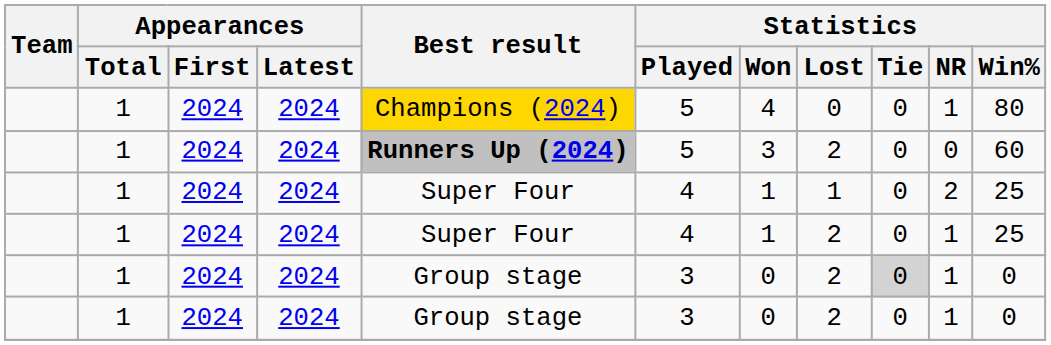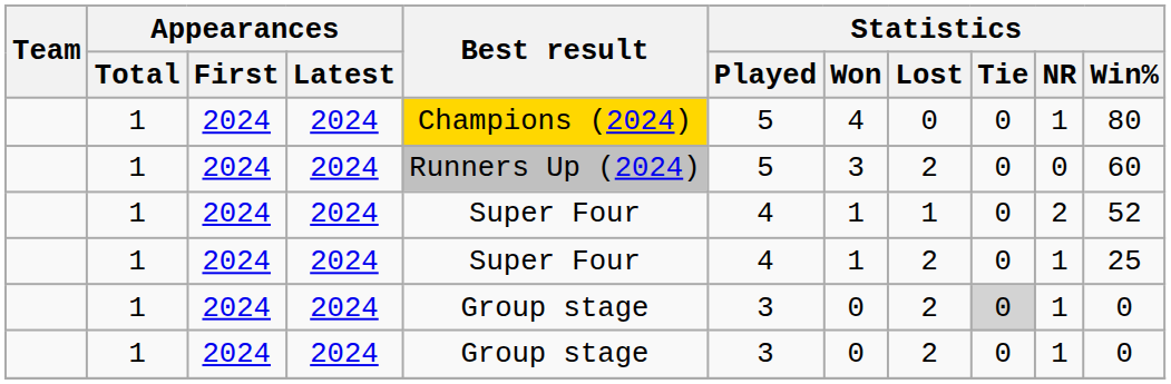 <table class="wikitable" style="text-align: center">
 <tr>
 <th rowspan="2">Team</th>
 <th colspan=3>Appearances</th>
 <th rowspan="2">Best result</th>
 <th colspan=6>Statistics</th>
 </tr>
 <tr>
 <th>Total</th>
 <th>First</th>
 <th>Latest</th>
 <th>Played</th>
 <th>Won</th>
 <th>Lost</th>
 <th>Tie</th>
 <th>NR</th>
 <th>Win%</th>
 </tr>
 <tr>
 <td style="text-align:left;"></td>
 <td>1</td>
 <td><a href='#'>2024</a></td>
 <td><a href='#'>2024</a></td>
 <td style="background:gold;">Champions (<a href='#'>2024</a>)</td>
 <td>5</td>
 <td>4</td>
 <td>0</td>
 <td>0</td>
 <td>1</td>
 <td>80</td>
 </tr>
 <tr>
 <td style="text-align:left;"></td>
 <td>1</td>
 <td><a href='#'>2024</a></td>
 <td><a href='#'>2024</a></td>
-<td style="background:silver;"><strong>Runners Up (<a href='#'>2024</a>)</strong></td>
+<td style="background:silver;">Runners Up (<a href='#'>2024</a>)</td>
 <td>5</td>
 <td>3</td>
 <td>2</td>
 <td>0</td>
 <td>0</td>
 <td>60</td>
 </tr>
 <tr>
 <td style="text-align:left;"></td>
 <td>1</td>
 <td><a href='#'>2024</a></td>
 <td><a href='#'>2024</a></td>
 <td>Super Four</td>
 <td>4</td>
 <td>1</td>
 <td>1</td>
 <td>0</td>
 <td>2</td>
-<td>25</td>
+<td>52</td>
 </tr>
 <tr>
 <td style="text-align:left;"></td>
 <td>1</td>
 <td><a href='#'>2024</a></td>
 <td><a href='#'>2024</a></td>
 <td>Super Four</td>
 <td>4</td>
 <td>1</td>
 <td>2</td>
 <td>0</td>
 <td>1</td>
 <td>25</td>
 </tr>
 <tr>
 <td style="text-align:left;"></td>
 <td>1</td>
 <td><a href='#'>2024</a></td>
 <td><a href='#'>2024</a></td>
 <td>Group stage</td>
 <td>3</td>
 <td>0</td>
 <td>2</td>
 <td style="background: lightgrey;">0</td>
 <td>1</td>
 <td>0</td>
 </tr>
 <tr>
 <td style="text-align:left;"></td>
 <td>1</td>
 <td><a href='#'>2024</a></td>
 <td><a href='#'>2024</a></td>
 <td>Group stage</td>
 <td>3</td>
 <td>0</td>
 <td>2</td>
 <td>0</td>
 <td>1</td>
 <td>0</td>
 </tr>
 <tr>
 </tr>
 </table>
